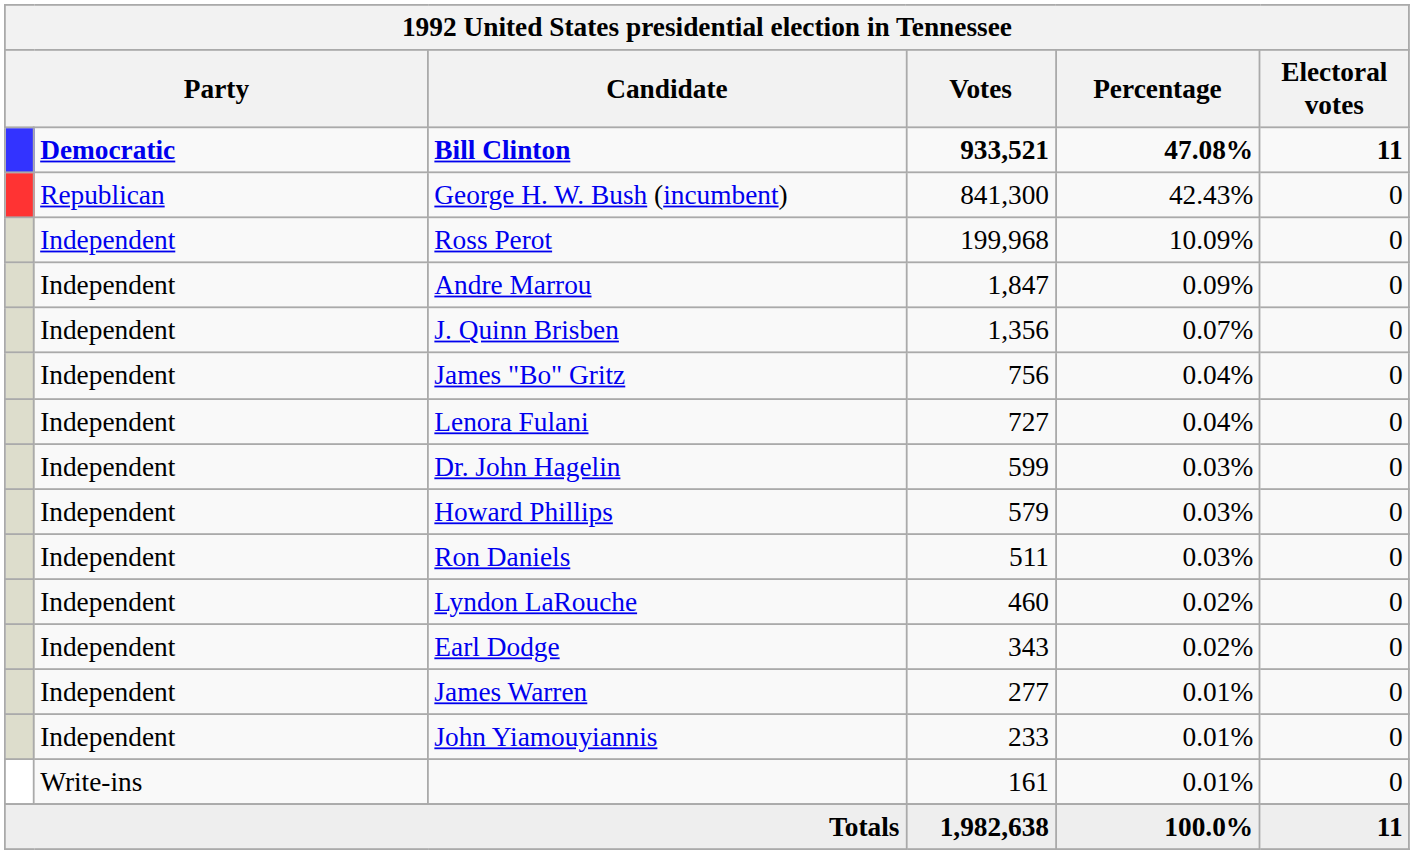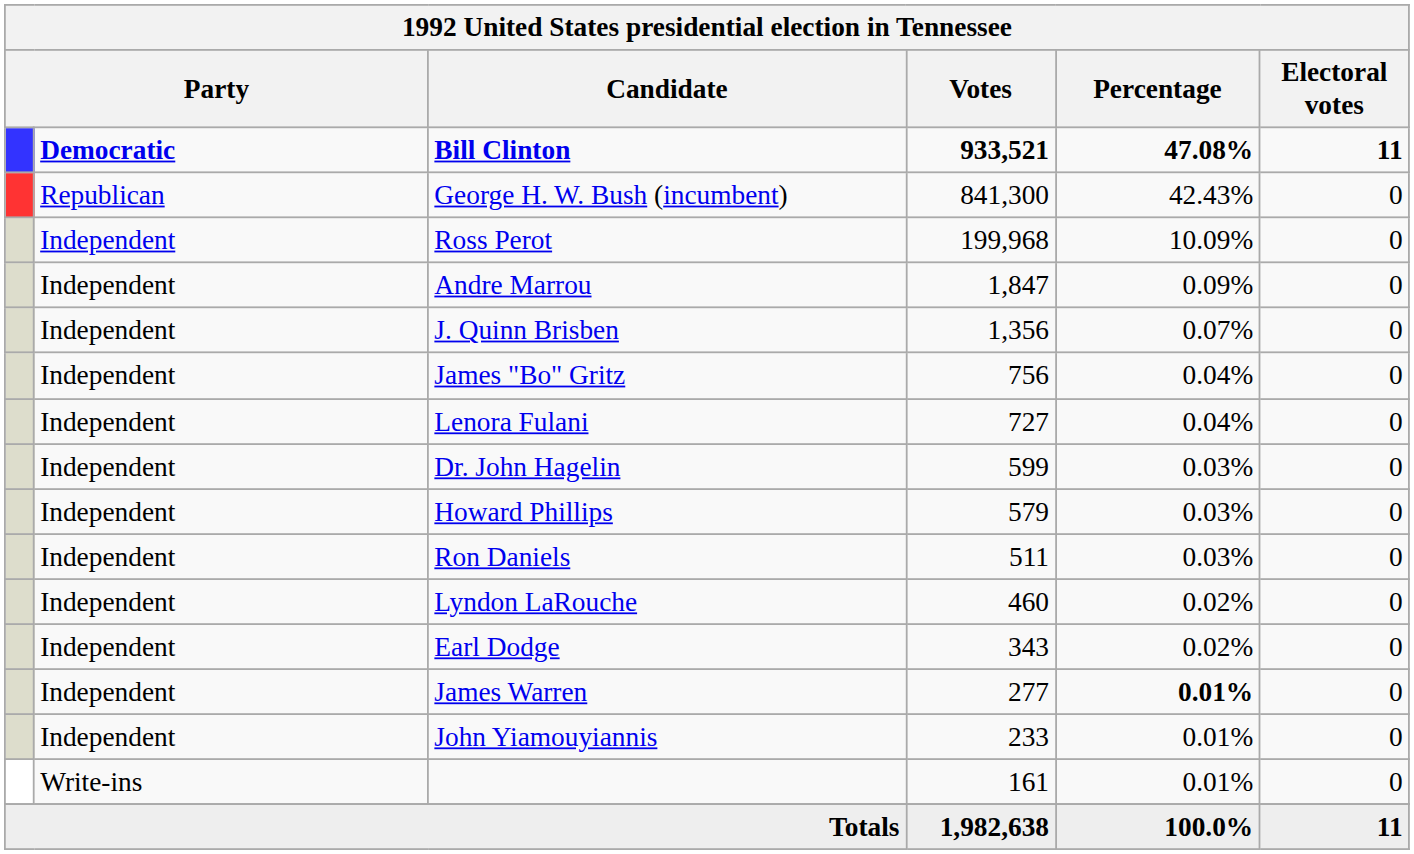 <table class="wikitable" style="font-size: 95%;">
 <tr>
 <th colspan="6">1992 United States presidential election in Tennessee</th>
 </tr>
 <tr>
 <th colspan="2" style="width: 15em">Party</th>
 <th style="width: 17em">Candidate</th>
 <th style="width: 5em">Votes</th>
 <th style="width: 7em">Percentage</th>
 <th style="width: 5em">Electoral votes</th>
 </tr>
 <tr>
 <th style="background-color:#3333FF; width: 3px"></th>
 <td style="width: 130px"><strong><a href='#'>Democratic</a></strong></td>
 <td><strong><a href='#'>Bill Clinton</a></strong></td>
 <td align="right"><strong>933,521</strong></td>
 <td align="right"><strong>47.08%</strong></td>
 <td align="right"><strong>11</strong></td>
 </tr>
 <tr>
 <th style="background-color:#FF3333; width: 3px"></th>
 <td style="width: 130px"><a href='#'>Republican</a></td>
 <td><a href='#'>George H. W. Bush</a> (<a href='#'>incumbent</a>)</td>
 <td align="right">841,300</td>
 <td align="right">42.43%</td>
 <td align="right">0</td>
 </tr>
 <tr>
 <th style="background-color:#DDDDCC; width: 3px"></th>
 <td style="width: 130px"><a href='#'>Independent</a></td>
 <td><a href='#'>Ross Perot</a></td>
 <td align="right">199,968</td>
 <td align="right">10.09%</td>
 <td align="right">0</td>
 </tr>
 <tr>
 <th style="background-color:#DDDDCC; width: 3px"></th>
 <td style="width: 130px">Independent</td>
 <td><a href='#'>Andre Marrou</a></td>
 <td align="right">1,847</td>
 <td align="right">0.09%</td>
 <td align="right">0</td>
 </tr>
 <tr>
 <th style="background-color:#DDDDCC; width: 3px"></th>
 <td style="width: 130px">Independent</td>
 <td><a href='#'>J. Quinn Brisben</a></td>
 <td align="right">1,356</td>
 <td align="right">0.07%</td>
 <td align="right">0</td>
 </tr>
 <tr>
 <th style="background-color:#DDDDCC; width: 3px"></th>
 <td style="width: 130px">Independent</td>
 <td><a href='#'>James "Bo" Gritz</a></td>
 <td align="right">756</td>
 <td align="right">0.04%</td>
 <td align="right">0</td>
 </tr>
 <tr>
 <th style="background-color:#DDDDCC; width: 3px"></th>
 <td style="width: 130px">Independent</td>
 <td><a href='#'>Lenora Fulani</a></td>
 <td align="right">727</td>
 <td align="right">0.04%</td>
 <td align="right">0</td>
 </tr>
 <tr>
 <th style="background-color:#DDDDCC; width: 3px"></th>
 <td style="width: 130px">Independent</td>
 <td><a href='#'>Dr. John Hagelin</a></td>
 <td align="right">599</td>
 <td align="right">0.03%</td>
 <td align="right">0</td>
 </tr>
 <tr>
 <th style="background-color:#DDDDCC; width: 3px"></th>
 <td style="width: 130px">Independent</td>
 <td><a href='#'>Howard Phillips</a></td>
 <td align="right">579</td>
 <td align="right">0.03%</td>
 <td align="right">0</td>
 </tr>
 <tr>
 <th style="background-color:#DDDDCC; width: 3px"></th>
 <td style="width: 130px">Independent</td>
 <td><a href='#'>Ron Daniels</a></td>
 <td align="right">511</td>
 <td align="right">0.03%</td>
 <td align="right">0</td>
 </tr>
 <tr>
 <th style="background-color:#DDDDCC; width: 3px"></th>
 <td style="width: 130px">Independent</td>
 <td><a href='#'>Lyndon LaRouche</a></td>
 <td align="right">460</td>
 <td align="right">0.02%</td>
 <td align="right">0</td>
 </tr>
 <tr>
 <th style="background-color:#DDDDCC; width: 3px"></th>
 <td style="width: 130px">Independent</td>
 <td><a href='#'>Earl Dodge</a></td>
 <td align="right">343</td>
 <td align="right">0.02%</td>
 <td align="right">0</td>
 </tr>
 <tr>
 <th style="background-color:#DDDDCC; width: 3px"></th>
 <td style="width: 130px">Independent</td>
 <td><a href='#'>James Warren</a></td>
 <td align="right">277</td>
-<td align="right">0.01%</td>
+<td align="right"><strong>0.01%</strong></td>
 <td align="right">0</td>
 </tr>
 <tr>
 <th style="background-color:#DDDDCC; width: 3px"></th>
 <td style="width: 130px">Independent</td>
 <td><a href='#'>John Yiamouyiannis</a></td>
 <td align="right">233</td>
 <td align="right">0.01%</td>
 <td align="right">0</td>
 </tr>
 <tr>
 <th style="background-color:#FFFFFF; width: 3px"></th>
 <td style="width: 130px">Write-ins</td>
 <td></td>
 <td align="right">161</td>
 <td align="right">0.01%</td>
 <td align="right">0</td>
 </tr>
 <tr>
 </tr>
 <tr bgcolor="#EEEEEE">
 <td colspan="3" align="right"><strong>Totals</strong></td>
 <td align="right"><strong>1,982,638</strong></td>
 <td align="right"><strong>100.0%</strong></td>
 <td align="right"><strong>11</strong></td>
 </tr>
 </table>
